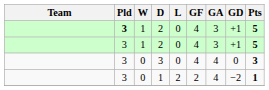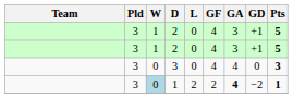 <table class="wikitable" style="text-align:center;">
 <tr>
 <th width=165>Team</th>
 <th width=20>Pld</th>
 <th width=20>W</th>
 <th width=20>D</th>
 <th width=20>L</th>
 <th width=20>GF</th>
 <th width=20>GA</th>
 <th width=20>GD</th>
 <th width=20>Pts</th>
 </tr>
 <tr align=center bgcolor="ccffcc">
 <td style="text-align:left;"></td>
-<td><strong>3</strong></td>
+<td>3</td>
 <td>1</td>
 <td>2</td>
 <td>0</td>
 <td>4</td>
 <td>3</td>
 <td>+1</td>
 <td><strong>5</strong></td>
 </tr>
 <tr align=center bgcolor="ccffcc">
 <td style="text-align:left;"></td>
 <td>3</td>
 <td>1</td>
 <td>2</td>
 <td>0</td>
 <td>4</td>
 <td>3</td>
 <td>+1</td>
 <td><strong>5</strong></td>
 </tr>
 <tr>
 <td style="text-align:left;"></td>
 <td>3</td>
 <td>0</td>
 <td>3</td>
 <td>0</td>
 <td>4</td>
 <td>4</td>
 <td>0</td>
 <td><strong>3</strong></td>
 </tr>
 <tr>
 <td style="text-align:left;"></td>
 <td>3</td>
-<td>0</td>
+<td style="background: lightblue;">0</td>
 <td>1</td>
 <td>2</td>
 <td>2</td>
-<td>4</td>
+<td><strong>4</strong></td>
 <td>−2</td>
 <td><strong>1</strong></td>
 </tr>
 <tr>
 </tr>
 </table>
